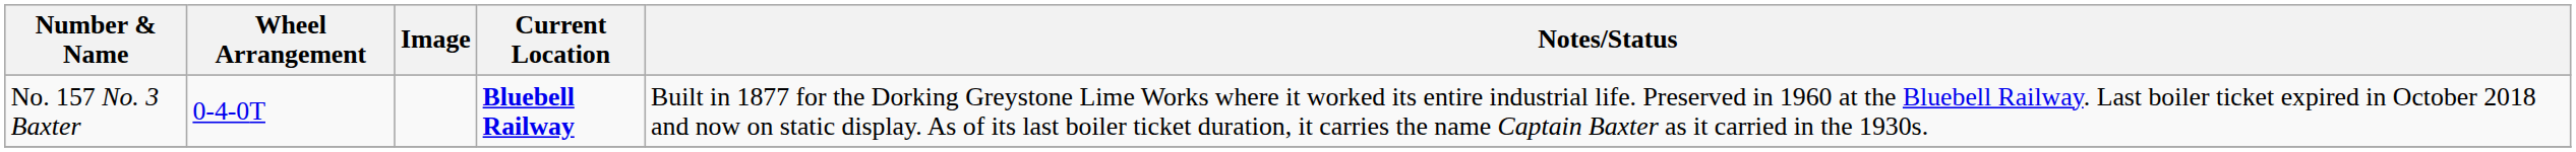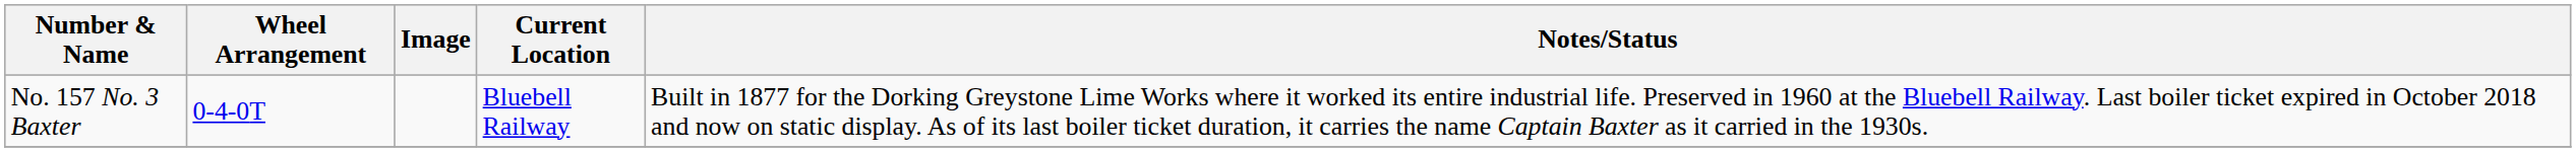 <table class="wikitable sortable">
 <tr>
 <th>Number & Name</th>
 <th>Wheel Arrangement</th>
 <th class="unsortable">Image</th>
 <th>Current Location</th>
 <th>Notes/Status</th>
 </tr>
 <tr>
 <td>No. 157 <em>No. 3 Baxter</em></td>
 <td><a href='#'>0-4-0</a><a href='#'>T</a></td>
 <td></td>
-<td><strong><a href='#'>Bluebell Railway</a></strong></td>
+<td><a href='#'>Bluebell Railway</a></td>
 <td>Built in 1877 for the Dorking Greystone Lime Works where it worked its entire industrial life. Preserved in 1960 at the <a href='#'>Bluebell Railway</a>. Last boiler ticket expired in October 2018 and now on static display. As of its last boiler ticket duration, it carries the name <em>Captain Baxter</em> as it carried in the 1930s.</td>
 </tr>
 <tr>
 </tr>
 </table>
